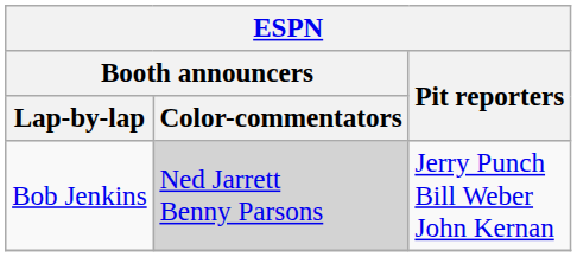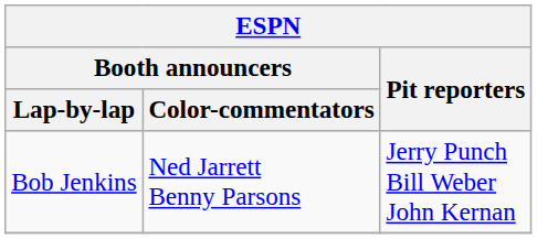 <table class="wikitable" style="font-size: 95%">
 <tr>
 <th colspan=3><a href='#'>ESPN</a></th>
 </tr>
 <tr>
 <th colspan=2>Booth announcers</th>
 <th rowspan=2>Pit reporters</th>
 </tr>
 <tr>
 <th><strong>Lap-by-lap</strong></th>
 <th><strong>Color-commentators</strong></th>
 </tr>
 <tr>
 <td><a href='#'>Bob Jenkins</a></td>
-<td style="background: lightgrey;"><a href='#'>Ned Jarrett</a> <br> <a href='#'>Benny Parsons</a></td>
+<td><a href='#'>Ned Jarrett</a> <br> <a href='#'>Benny Parsons</a></td>
 <td><a href='#'>Jerry Punch</a> <br> <a href='#'>Bill Weber</a> <br> <a href='#'>John Kernan</a></td>
 </tr>
 <tr>
 </tr>
 </table>
